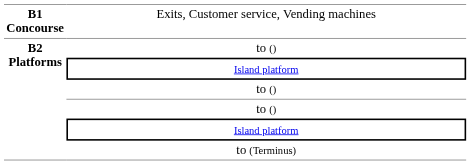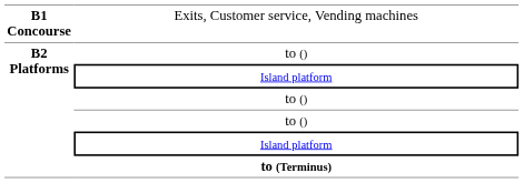 <table table border=0 cellspacing=0 cellpadding=3>
 <tr>
 <td style="border-top:solid 1px gray;text-align:center" valign=top><strong>B1<br>Concourse</strong></td>
 <td style="border-top:solid 1px gray;text-align:center;" valign=top width=500>Exits, Customer service, Vending machines</td>
 </tr>
 <tr>
 <td style="border-bottom:solid 1px gray; border-top:solid 1px gray;text-align:center" rowspan="6" valign=top><strong>B2<br>Platforms</strong></td>
 <td style="border-top:solid 1px gray;text-align:center;">  to  <small>()</small></td>
 </tr>
 <tr>
 <td style="border-right:solid 2px black;border-left:solid 2px black;border-top:solid 2px black;border-bottom:solid 2px black;text-align:center;" colspan=2><small><a href='#'>Island platform</a></small></td>
 </tr>
 <tr>
 <td style="border-bottom:solid 1px gray;text-align:center;"> to  <small>()</small> </td>
 </tr>
 <tr>
 <td style="text-align:center;">  to  <small>()</small></td>
 </tr>
 <tr>
 <td style="border-right:solid 2px black;border-left:solid 2px black;border-top:solid 2px black;border-bottom:solid 2px black;text-align:center;" colspan=2><small><a href='#'>Island platform</a></small></td>
 </tr>
 <tr>
-<td style="border-bottom:solid 1px gray;text-align:center;"> to  <small>(Terminus)</small> </td>
+<td style="border-bottom:solid 1px gray;text-align:center;"><strong> to  <small>(Terminus)</small> </strong></td>
 </tr>
 </table>
